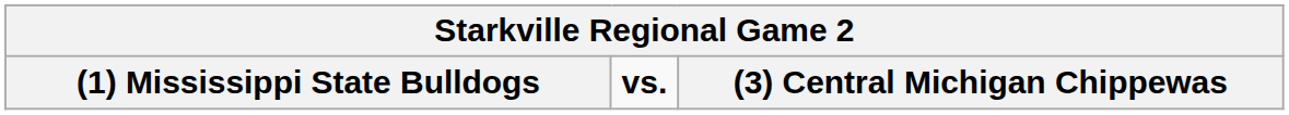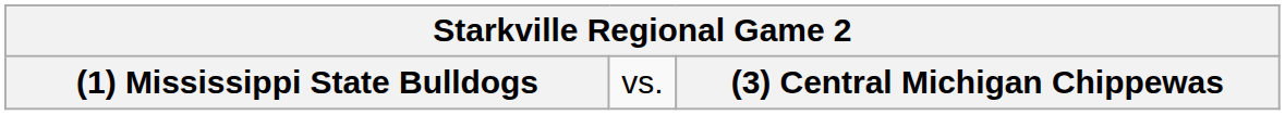 <table class="wikitable">
 <tr>
 <th style="width: 604px;" colspan=3>Starkville Regional Game 2</th>
 </tr>
 <tr>
 <th style="width: 289px; ">(1) Mississippi State Bulldogs</th>
-<td style="width: 25px; text-align:center"><strong>vs.</strong></td>
+<td style="width: 25px; text-align:center">vs.</td>
 <th style="width: 289px; ">(3) Central Michigan Chippewas</th>
 </tr>
 </table>
